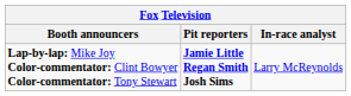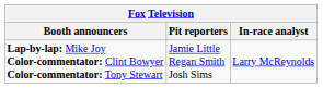 <table class="wikitable" style="font-size: 95%">
 <tr>
 <th colspan="3"><a href='#'>Fox</a> <a href='#'>Television</a></th>
 </tr>
 <tr>
 <th>Booth announcers</th>
 <th>Pit reporters</th>
 <th>In-race analyst</th>
 </tr>
 <tr>
 <td><strong>Lap-by-lap:</strong> <a href='#'>Mike Joy</a><br><strong>Color-commentator:</strong> <a href='#'>Clint Bowyer</a><br><strong>Color-commentator:</strong> <a href='#'>Tony Stewart</a></td>
-<td><strong><a href='#'>Jamie Little</a><br><a href='#'>Regan Smith</a><br>Josh Sims</strong></td>
+<td><a href='#'>Jamie Little</a><br><a href='#'>Regan Smith</a><br>Josh Sims</td>
 <td><a href='#'>Larry McReynolds</a></td>
 </tr>
 </table>
